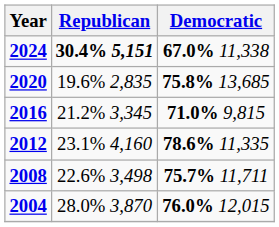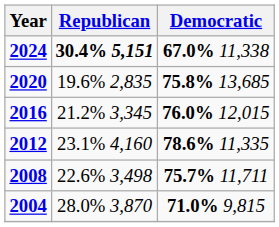 <table class="wikitable" style="float:right; margin: 1em 1em 1em 0; font-size: 95%;">
 <tr>
 <th>Year</th>
 <th><a href='#'>Republican</a></th>
 <th><a href='#'>Democratic</a></th>
 </tr>
 <tr>
 <td style="text-align:center; "><strong><a href='#'>2024</a></strong></td>
 <td style="text-align:center; "><strong>30.4% <em>5,151</em></strong></td>
 <td style="text-align:center; "><strong>67.0%</strong> <em>11,338</em></td>
 </tr>
 <tr>
 <td style="text-align:center; "><strong><a href='#'>2020</a></strong></td>
 <td style="text-align:center; ">19.6% <em>2,835</em></td>
 <td style="text-align:center; "><strong>75.8%</strong>  <em>13,685</em></td>
 </tr>
 <tr>
 <td style="text-align:center; "><strong><a href='#'>2016</a></strong></td>
 <td style="text-align:center; ">21.2% <em>3,345</em></td>
-<td style="text-align:center; "><strong>71.0%</strong> <em>9,815</em></td>
+<td style="text-align:center; "><strong>76.0%</strong>  <em>12,015</em></td>
 </tr>
 <tr>
 <td style="text-align:center; "><strong><a href='#'>2012</a></strong></td>
 <td style="text-align:center; ">23.1% <em>4,160</em></td>
 <td style="text-align:center; "><strong>78.6%</strong>  <em>11,335</em></td>
 </tr>
 <tr>
 <td style="text-align:center; "><strong><a href='#'>2008</a></strong></td>
 <td style="text-align:center; ">22.6% <em>3,498</em></td>
 <td style="text-align:center; "><strong>75.7%</strong>  <em>11,711</em></td>
 </tr>
 <tr>
 <td style="text-align:center; "><strong><a href='#'>2004</a></strong></td>
 <td style="text-align:center; ">28.0% <em>3,870</em></td>
-<td style="text-align:center; "><strong>76.0%</strong>  <em>12,015</em></td>
+<td style="text-align:center; "><strong>71.0%</strong> <em>9,815</em></td>
 </tr>
 <tr>
 </tr>
 </table>
